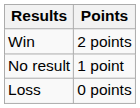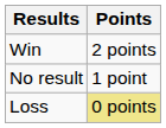 <table class="wikitable">
 <tr>
 <th>Results</th>
 <th>Points</th>
 </tr>
 <tr>
 <td>Win</td>
 <td>2 points</td>
 </tr>
 <tr>
 <td>No result</td>
 <td>1 point</td>
 </tr>
 <tr>
 <td>Loss</td>
-<td>0 points</td>
+<td style="background: khaki;">0 points</td>
 </tr>
 </table>
